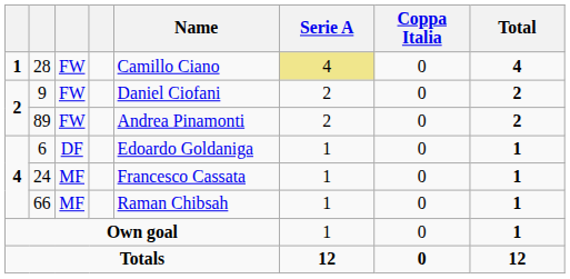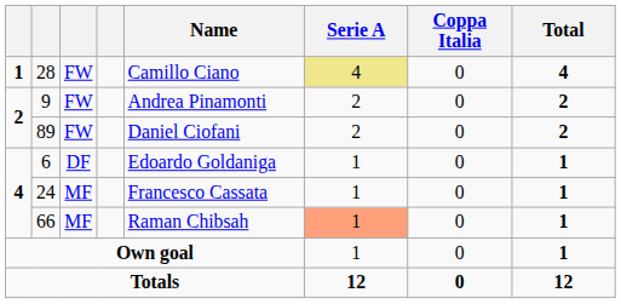 <table class="wikitable" style="text-align:center">
 <tr>
 <th width=15></th>
 <th width=15></th>
 <th width=15></th>
 <th width=15></th>
 <th width=145>Name</th>
 <th width=80><strong><a href='#'>Serie A</a></strong></th>
 <th width=80><strong><a href='#'>Coppa Italia</a></strong></th>
 <th width=80>Total</th>
 </tr>
 <tr>
 <td><strong>1</strong></td>
 <td>28</td>
 <td><a href='#'>FW</a></td>
 <td></td>
 <td align=left><a href='#'>Camillo Ciano</a></td>
 <td style="background: khaki;">4</td>
 <td>0</td>
 <td><strong>4</strong></td>
 </tr>
 <tr>
 <td rowspan=2><strong>2</strong></td>
 <td>9</td>
 <td><a href='#'>FW</a></td>
 <td></td>
-<td align=left><a href='#'>Daniel Ciofani</a></td>
+<td align=left><a href='#'>Andrea Pinamonti</a></td>
 <td>2</td>
 <td>0</td>
 <td><strong>2</strong></td>
 </tr>
 <tr>
 <td>89</td>
 <td><a href='#'>FW</a></td>
 <td></td>
-<td align=left><a href='#'>Andrea Pinamonti</a></td>
+<td align=left><a href='#'>Daniel Ciofani</a></td>
 <td>2</td>
 <td>0</td>
 <td><strong>2</strong></td>
 </tr>
 <tr>
 <td rowspan=3><strong>4</strong></td>
 <td>6</td>
 <td><a href='#'>DF</a></td>
 <td></td>
 <td align=left><a href='#'>Edoardo Goldaniga</a></td>
 <td>1</td>
 <td>0</td>
 <td><strong>1</strong></td>
 </tr>
 <tr>
 <td>24</td>
 <td><a href='#'>MF</a></td>
 <td></td>
 <td align=left><a href='#'>Francesco Cassata</a></td>
 <td>1</td>
 <td>0</td>
 <td><strong>1</strong></td>
 </tr>
 <tr>
 <td>66</td>
 <td><a href='#'>MF</a></td>
 <td></td>
 <td align=left><a href='#'>Raman Chibsah</a></td>
-<td>1</td>
+<td style="background: lightsalmon;">1</td>
 <td>0</td>
 <td><strong>1</strong></td>
 </tr>
 <tr>
 <td colspan=5><strong>Own goal</strong></td>
 <td>1</td>
 <td>0</td>
 <td><strong>1</strong></td>
 </tr>
 <tr>
 <td colspan=5><strong>Totals</strong></td>
 <td><strong>12</strong></td>
 <td><strong>0</strong></td>
 <td><strong>12</strong></td>
 </tr>
 </table>
